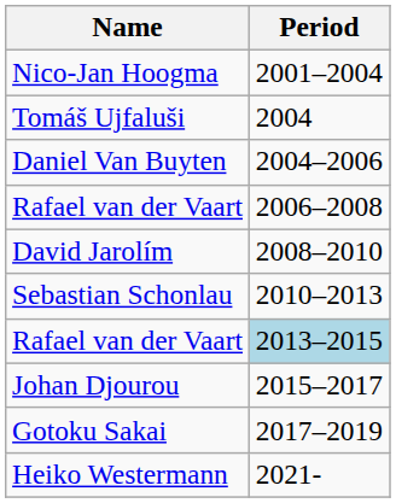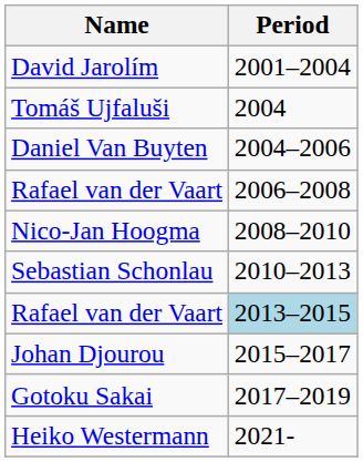 <table class="wikitable alternance">
 <tr>
 <th>Name</th>
 <th>Period</th>
 </tr>
 <tr>
-<td> <a href='#'>Nico-Jan Hoogma</a></td>
+<td> <a href='#'>David Jarolím</a></td>
 <td>2001–2004</td>
 </tr>
 <tr>
 <td> <a href='#'>Tomáš Ujfaluši</a></td>
 <td>2004</td>
 </tr>
 <tr>
 <td> <a href='#'>Daniel Van Buyten</a></td>
 <td>2004–2006</td>
 </tr>
 <tr>
 <td> <a href='#'>Rafael van der Vaart</a></td>
 <td>2006–2008</td>
 </tr>
 <tr>
-<td> <a href='#'>David Jarolím</a></td>
+<td> <a href='#'>Nico-Jan Hoogma</a></td>
 <td>2008–2010</td>
 </tr>
 <tr>
 <td> <a href='#'>Sebastian Schonlau</a></td>
 <td>2010–2013</td>
 </tr>
 <tr>
 <td> <a href='#'>Rafael van der Vaart</a></td>
 <td style="background: lightblue;">2013–2015</td>
 </tr>
 <tr>
 <td> <a href='#'>Johan Djourou</a></td>
 <td>2015–2017</td>
 </tr>
 <tr>
 <td> <a href='#'>Gotoku Sakai</a></td>
 <td>2017–2019</td>
 </tr>
 <tr>
 <td> <a href='#'>Heiko Westermann</a></td>
 <td>2021-</td>
 </tr>
 </table>
